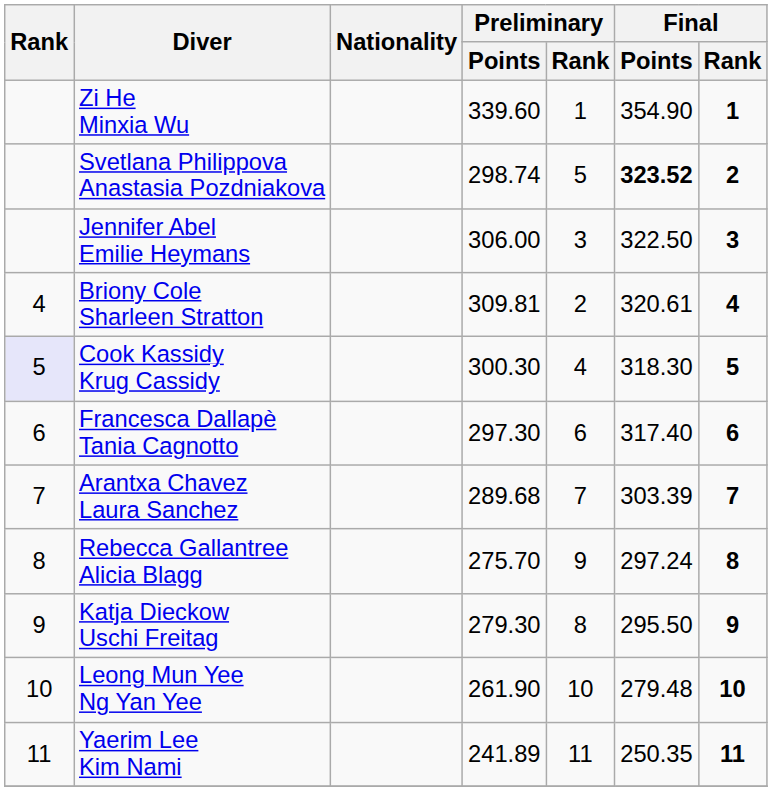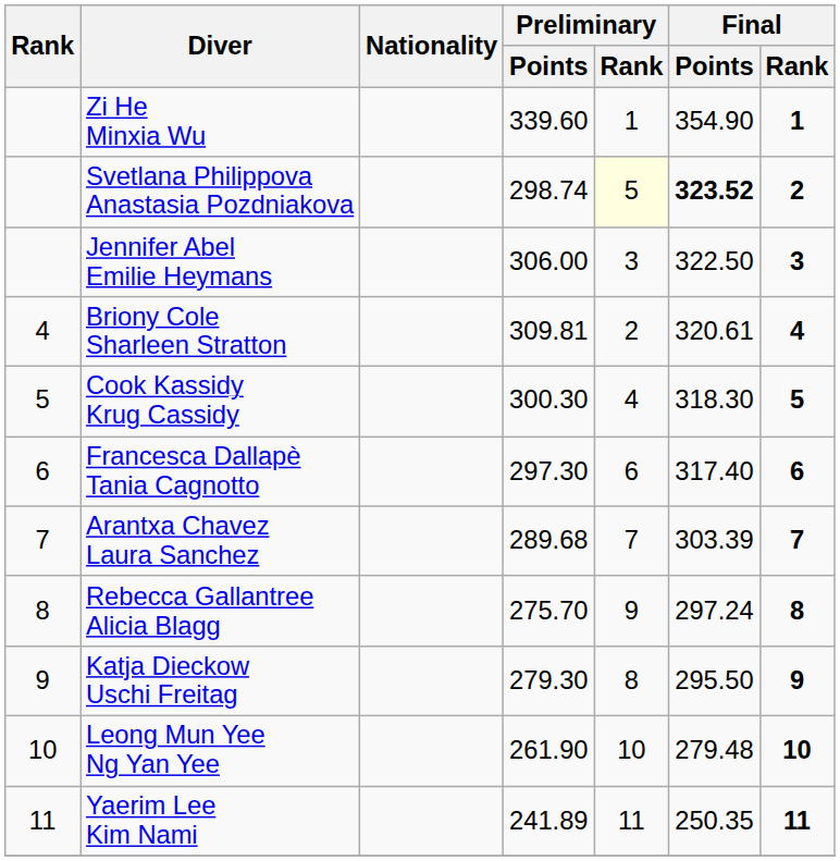 <table class="wikitable" style="text-align:center">
 <tr>
 <th rowspan="2">Rank</th>
 <th rowspan="2">Diver</th>
 <th rowspan="2">Nationality</th>
 <th colspan="2">Preliminary</th>
 <th colspan="2">Final</th>
 </tr>
 <tr>
 <th>Points</th>
 <th>Rank</th>
 <th>Points</th>
 <th>Rank</th>
 </tr>
 <tr>
 <td></td>
 <td align=left><a href='#'>Zi He</a><br><a href='#'>Minxia Wu</a></td>
 <td align=left></td>
 <td>339.60</td>
 <td>1</td>
 <td>354.90</td>
 <td><strong>1</strong></td>
 </tr>
 <tr>
 <td></td>
 <td align=left><a href='#'>Svetlana Philippova</a><br><a href='#'>Anastasia Pozdniakova</a></td>
 <td align=left></td>
 <td>298.74</td>
-<td>5</td>
+<td style="background: lightyellow;">5</td>
 <td><strong>323.52</strong></td>
 <td><strong>2</strong></td>
 </tr>
 <tr>
 <td></td>
 <td align=left><a href='#'>Jennifer Abel</a><br><a href='#'>Emilie Heymans</a></td>
 <td align=left></td>
 <td>306.00</td>
 <td>3</td>
 <td>322.50</td>
 <td><strong>3</strong></td>
 </tr>
 <tr>
 <td>4</td>
 <td align=left><a href='#'>Briony Cole</a><br><a href='#'>Sharleen Stratton</a></td>
 <td align=left></td>
 <td>309.81</td>
 <td>2</td>
 <td>320.61</td>
 <td><strong>4</strong></td>
 </tr>
 <tr>
-<td style="background: lavender;">5</td>
+<td>5</td>
 <td align=left><a href='#'>Cook Kassidy</a><br><a href='#'>Krug Cassidy</a></td>
 <td align=left></td>
 <td>300.30</td>
 <td>4</td>
 <td>318.30</td>
 <td><strong>5</strong></td>
 </tr>
 <tr>
 <td>6</td>
 <td align=left><a href='#'>Francesca Dallapè</a><br><a href='#'>Tania Cagnotto</a></td>
 <td align=left></td>
 <td>297.30</td>
 <td>6</td>
 <td>317.40</td>
 <td><strong>6</strong></td>
 </tr>
 <tr>
 <td>7</td>
 <td align=left><a href='#'>Arantxa Chavez</a><br><a href='#'>Laura Sanchez</a></td>
 <td align=left></td>
 <td>289.68</td>
 <td>7</td>
 <td>303.39</td>
 <td><strong>7</strong></td>
 </tr>
 <tr>
 <td>8</td>
 <td align=left><a href='#'>Rebecca Gallantree</a><br><a href='#'>Alicia Blagg</a></td>
 <td align=left></td>
 <td>275.70</td>
 <td>9</td>
 <td>297.24</td>
 <td><strong>8</strong></td>
 </tr>
 <tr>
 <td>9</td>
 <td align=left><a href='#'>Katja Dieckow</a><br><a href='#'>Uschi Freitag</a></td>
 <td align=left></td>
 <td>279.30</td>
 <td>8</td>
 <td>295.50</td>
 <td><strong>9</strong></td>
 </tr>
 <tr>
 <td>10</td>
 <td align=left><a href='#'>Leong Mun Yee</a><br><a href='#'>Ng Yan Yee</a></td>
 <td align=left></td>
 <td>261.90</td>
 <td>10</td>
 <td>279.48</td>
 <td><strong>10</strong></td>
 </tr>
 <tr>
 <td>11</td>
 <td align=left><a href='#'>Yaerim Lee</a><br><a href='#'>Kim Nami</a></td>
 <td align=left></td>
 <td>241.89</td>
 <td>11</td>
 <td>250.35</td>
 <td><strong>11</strong></td>
 </tr>
 <tr>
 </tr>
 </table>
